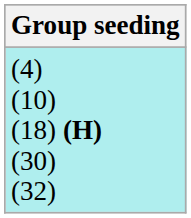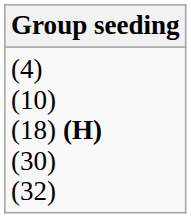 <table class="wikitable collapsible collapsed">
 <tr>
 <th>Group seeding</th>
 </tr>
 <tr>
-<td valign=top style="background: paleturquoise;"> (4)<br> (10)<br> (18) <strong>(H)</strong><br> (30)<br> (32)</td>
+<td valign=top> (4)<br> (10)<br> (18) <strong>(H)</strong><br> (30)<br> (32)</td>
 </tr>
 </table>
